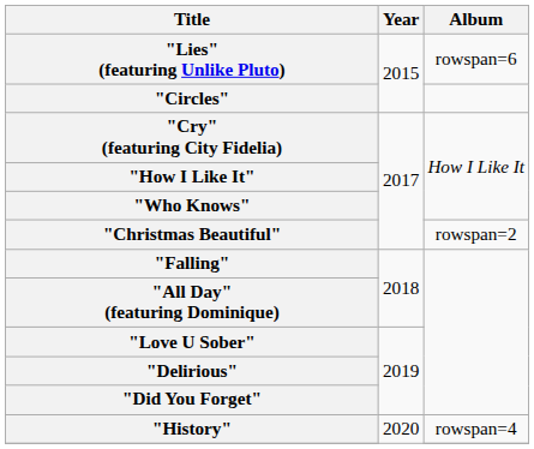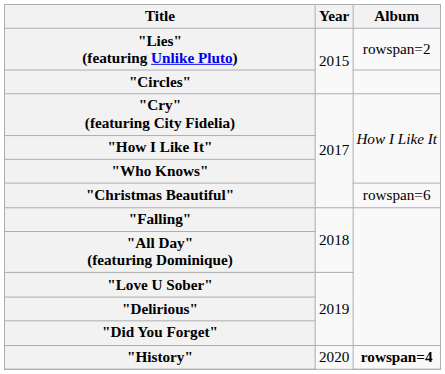 <table class="wikitable plainrowheaders" style="text-align:center">
 <tr>
 <th scope="col" style="width:20em;">Title</th>
 <th scope="col">Year</th>
 <th scope="col">Album</th>
 </tr>
 <tr>
 <th scope="row">"Lies"<br><span>(featuring <a href='#'>Unlike Pluto</a>)</span></th>
 <td rowspan=2>2015</td>
-<td>rowspan=6 </td>
+<td>rowspan=2 </td>
 </tr>
 <tr>
 <th scope="row">"Circles"</th>
 </tr>
 <tr>
 <th scope="row">"Cry"<br><span>(featuring City Fidelia)</span></th>
 <td rowspan=4>2017</td>
 <td rowspan=3><em>How I Like It</em></td>
 </tr>
 <tr>
 <th scope="row">"How I Like It"</th>
 </tr>
 <tr>
 <th scope="row">"Who Knows"</th>
 </tr>
 <tr>
 <th scope="row">"Christmas Beautiful"</th>
-<td>rowspan=2 </td>
+<td>rowspan=6 </td>
 </tr>
 <tr>
 <th scope="row">"Falling"</th>
 <td rowspan=2>2018</td>
 </tr>
 <tr>
 <th scope="row">"All Day"<br><span>(featuring Dominique)</span></th>
 </tr>
 <tr>
 <th scope="row">"Love U Sober"</th>
 <td rowspan=3>2019</td>
 </tr>
 <tr>
 <th scope="row">"Delirious"</th>
 </tr>
 <tr>
 <th scope="row">"Did You Forget"</th>
 </tr>
 <tr>
 <th scope="row">"History"</th>
 <td rowspan=4>2020</td>
-<td>rowspan=4 </td>
+<td><strong>rowspan=4 </strong></td>
 </tr>
 <tr>
 </tr>
 </table>
